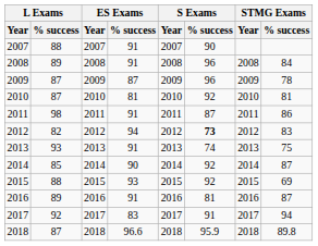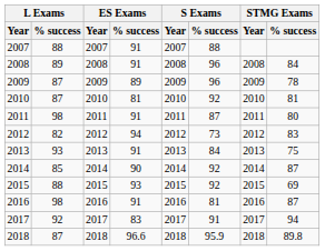 <table class="wikitable sortable centre" style="text-align:center">
 <tr>
 <th scope=col colspan="2">L Exams</th>
 <th colspan="2">ES Exams</th>
 <th scope=col colspan="2">S Exams</th>
 <th scope=col colspan="2">STMG Exams</th>
 </tr>
 <tr>
 <th scope=col>Year</th>
 <th scope="col">% success</th>
 <th scope="col">Year</th>
 <th scope="col">% success</th>
 <th scope=col>Year</th>
 <th scope="col">% success</th>
 <th scope=col>Year</th>
 <th scope="col">% success</th>
 </tr>
 <tr>
 <td>2007</td>
 <td>88</td>
 <td>2007</td>
 <td>91</td>
 <td>2007</td>
-<td>90</td>
+<td>88</td>
 <td></td>
 <td></td>
 </tr>
 <tr>
 <td>2008</td>
 <td>89</td>
 <td>2008</td>
 <td>91</td>
 <td>2008</td>
 <td>96</td>
 <td>2008</td>
 <td>84</td>
 </tr>
 <tr>
 <td>2009</td>
 <td>87</td>
 <td>2009</td>
-<td>87</td>
+<td>89</td>
 <td>2009</td>
 <td>96</td>
 <td>2009</td>
 <td>78</td>
 </tr>
 <tr>
 <td>2010</td>
 <td>87</td>
 <td>2010</td>
 <td>81</td>
 <td>2010</td>
 <td>92</td>
 <td>2010</td>
 <td>81</td>
 </tr>
 <tr>
 <td>2011</td>
 <td>98</td>
 <td>2011</td>
 <td>91</td>
 <td>2011</td>
 <td>87</td>
 <td>2011</td>
-<td>86</td>
+<td>80</td>
 </tr>
 <tr>
 <td>2012</td>
 <td>82</td>
 <td>2012</td>
 <td>94</td>
 <td>2012</td>
-<td><strong>73</strong></td>
+<td>73</td>
 <td>2012</td>
 <td>83</td>
 </tr>
 <tr>
 <td>2013</td>
 <td>93</td>
 <td>2013</td>
 <td>91</td>
 <td>2013</td>
-<td>74</td>
+<td>84</td>
 <td>2013</td>
 <td>75</td>
 </tr>
 <tr>
 <td>2014</td>
 <td>85</td>
 <td>2014</td>
 <td>90</td>
 <td>2014</td>
 <td>92</td>
 <td>2014</td>
 <td>87</td>
 </tr>
 <tr>
 <td>2015</td>
 <td>88</td>
 <td>2015</td>
 <td>93</td>
 <td>2015</td>
 <td>92</td>
 <td>2015</td>
 <td>69</td>
 </tr>
 <tr>
 <td>2016</td>
-<td>89</td>
+<td>98</td>
 <td>2016</td>
 <td>91</td>
 <td>2016</td>
 <td>81</td>
 <td>2016</td>
 <td>87</td>
 </tr>
 <tr>
 <td>2017</td>
 <td>92</td>
 <td>2017</td>
 <td>83</td>
 <td>2017</td>
 <td>91</td>
 <td>2017</td>
 <td>94</td>
 </tr>
 <tr>
 <td>2018</td>
 <td>87</td>
 <td>2018</td>
 <td>96.6</td>
 <td>2018</td>
 <td>95.9</td>
 <td>2018</td>
 <td>89.8</td>
 </tr>
 </table>
